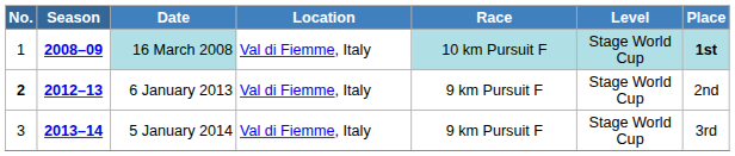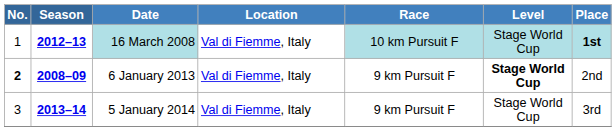 <table class="wikitable sortable" style="font-size:95%; text-align:center; border:grey solid 1px; border-collapse:collapse; background:#ffffff;">
 <tr style="background:#efefef;">
 <th style="background-color:#369; color:white;">No.</th>
 <th style="background-color:#369; color:white;">Season</th>
 <th style="background-color:#4180be; color:white; width:120px;">Date</th>
 <th style="background-color:#4180be; color:white; width:170px;">Location</th>
 <th style="background-color:#4180be; color:white; width:160px;">Race</th>
 <th style="background-color:#4180be; color:white; width:100px;">Level</th>
 <th style="background-color:#4180be; color:white;">Place</th>
 </tr>
 <tr>
 <td align=center>1</td>
-<td rowspan=1 align=center><strong><a href='#'>2008–09</a></strong></td>
+<td rowspan=1 align=center><strong> <a href='#'>2012–13</a> </strong></td>
 <td bgcolor="#BOEOE6" align=right>16 March 2008</td>
 <td align=left> <a href='#'>Val di Fiemme</a>, Italy</td>
 <td bgcolor="#BOEOE6">10 km Pursuit F</td>
 <td bgcolor="#BOEOE6">Stage World Cup</td>
 <td bgcolor="#BOEOE6"><strong>1st</strong></td>
 </tr>
 <tr>
 <td align=center><strong>2</strong></td>
-<td rowspan=1 align=center><strong> <a href='#'>2012–13</a> </strong></td>
+<td rowspan=1 align=center><strong><a href='#'>2008–09</a></strong></td>
 <td align=right>6 January 2013</td>
 <td align=left> <a href='#'>Val di Fiemme</a>, Italy</td>
 <td>9 km Pursuit F</td>
-<td>Stage World Cup</td>
+<td><strong>Stage World Cup</strong></td>
 <td>2nd</td>
 </tr>
 <tr>
 <td align=center>3</td>
 <td rowspan=1 align=center><strong> <a href='#'>2013–14</a> </strong></td>
 <td align=right>5 January 2014</td>
 <td align=left> <a href='#'>Val di Fiemme</a>, Italy</td>
 <td>9 km Pursuit F</td>
 <td>Stage World Cup</td>
 <td>3rd</td>
 </tr>
 <tr>
 </tr>
 </table>
